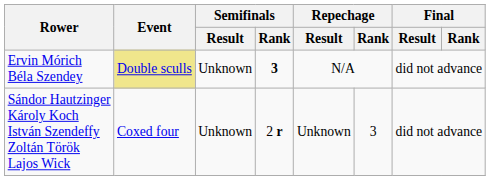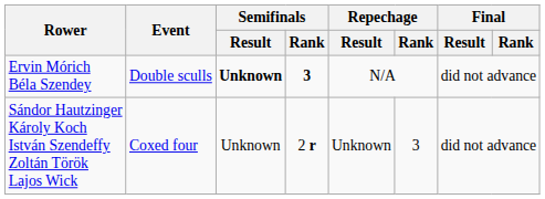 <table class=wikitable style="font-size:90%">
 <tr>
 <th rowspan=2>Rower</th>
 <th rowspan=2>Event</th>
 <th colspan=2>Semifinals</th>
 <th colspan=2>Repechage</th>
 <th colspan=2>Final</th>
 </tr>
 <tr>
 <th>Result</th>
 <th>Rank</th>
 <th>Result</th>
 <th>Rank</th>
 <th>Result</th>
 <th>Rank</th>
 </tr>
 <tr>
 <td><a href='#'>Ervin Mórich</a> <br> <a href='#'>Béla Szendey</a></td>
-<td style="background: khaki;"><a href='#'>Double sculls</a></td>
-<td align=center>Unknown</td>
+<td><a href='#'>Double sculls</a></td>
+<td align=center><strong>Unknown</strong></td>
 <td align=center><strong>3</strong></td>
 <td align=center colspan=2>N/A</td>
 <td align=center colspan=2>did not advance</td>
 </tr>
 <tr>
 <td><a href='#'>Sándor Hautzinger</a> <br> <a href='#'>Károly Koch</a> <br> <a href='#'>István Szendeffy</a> <br> <a href='#'>Zoltán Török</a> <br> <a href='#'>Lajos Wick</a></td>
 <td><a href='#'>Coxed four</a></td>
 <td align=center>Unknown</td>
 <td align=center>2 <strong>r</strong></td>
 <td align=center>Unknown</td>
 <td align=center>3</td>
 <td align=center colspan=2>did not advance</td>
 </tr>
 </table>
